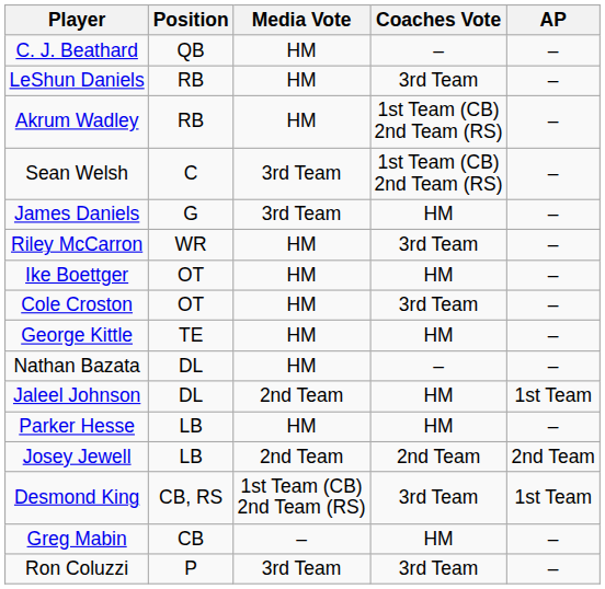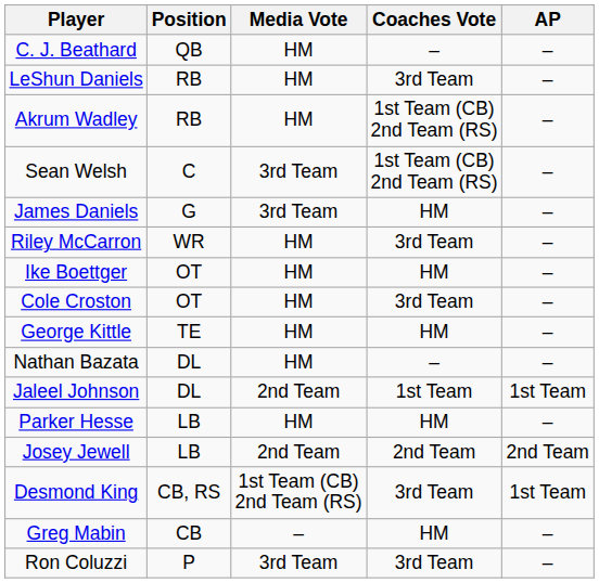 <table class="wikitable sortable sortable" style="text-align: center">
 <tr align=center>
 <th>Player</th>
 <th>Position</th>
 <th>Media Vote</th>
 <th>Coaches Vote</th>
 <th>AP </th>
 </tr>
 <tr>
 <td><a href='#'>C. J. Beathard</a></td>
 <td>QB</td>
 <td>HM</td>
 <td>–</td>
 <td>–</td>
 </tr>
 <tr>
 <td><a href='#'>LeShun Daniels</a></td>
 <td>RB</td>
 <td>HM</td>
 <td>3rd Team</td>
 <td>–</td>
 </tr>
 <tr>
 <td><a href='#'>Akrum Wadley</a></td>
 <td>RB</td>
 <td>HM</td>
 <td>1st Team (CB) <br> 2nd Team (RS)</td>
 <td>–</td>
 </tr>
 <tr>
 <td>Sean Welsh</td>
 <td>C</td>
 <td>3rd Team</td>
 <td>1st Team (CB) <br> 2nd Team (RS)</td>
 <td>–</td>
 </tr>
 <tr>
 <td><a href='#'>James Daniels</a></td>
 <td>G</td>
 <td>3rd Team</td>
 <td>HM</td>
 <td>–</td>
 </tr>
 <tr>
 <td><a href='#'>Riley McCarron</a></td>
 <td>WR</td>
 <td>HM</td>
 <td>3rd Team</td>
 <td>–</td>
 </tr>
 <tr>
 <td><a href='#'>Ike Boettger</a></td>
 <td>OT</td>
 <td>HM</td>
 <td>HM</td>
 <td>–</td>
 </tr>
 <tr>
 <td><a href='#'>Cole Croston</a></td>
 <td>OT</td>
 <td>HM</td>
 <td>3rd Team</td>
 <td>–</td>
 </tr>
 <tr>
 <td><a href='#'>George Kittle</a></td>
 <td>TE</td>
 <td>HM</td>
 <td>HM</td>
 <td>–</td>
 </tr>
 <tr>
 <td>Nathan Bazata</td>
 <td>DL</td>
 <td>HM</td>
 <td>–</td>
 <td>–</td>
 </tr>
 <tr>
 <td><a href='#'>Jaleel Johnson</a></td>
 <td>DL</td>
 <td>2nd Team</td>
-<td>HM</td>
+<td>1st Team</td>
 <td>1st Team</td>
 </tr>
 <tr>
 <td><a href='#'>Parker Hesse</a></td>
 <td>LB</td>
 <td>HM</td>
 <td>HM</td>
 <td>–</td>
 </tr>
 <tr>
 <td><a href='#'>Josey Jewell</a></td>
 <td>LB</td>
 <td>2nd Team</td>
 <td>2nd Team</td>
 <td>2nd Team</td>
 </tr>
 <tr>
 <td><a href='#'>Desmond King</a></td>
 <td>CB, RS</td>
 <td>1st Team (CB) <br> 2nd Team (RS)</td>
 <td>3rd Team</td>
 <td>1st Team</td>
 </tr>
 <tr>
 <td><a href='#'>Greg Mabin</a></td>
 <td>CB</td>
 <td>–</td>
 <td>HM</td>
 <td>–</td>
 </tr>
 <tr>
 <td>Ron Coluzzi</td>
 <td>P</td>
 <td>3rd Team</td>
 <td>3rd Team</td>
 <td>–</td>
 </tr>
 </table>
